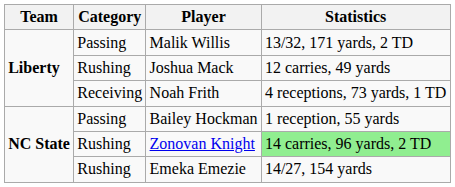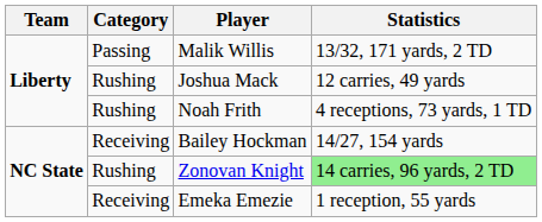 <table class="wikitable" style="float: left;">
 <tr>
 <th>Team</th>
 <th>Category</th>
 <th>Player</th>
 <th>Statistics</th>
 </tr>
 <tr>
 <td rowspan=3><strong>Liberty</strong></td>
 <td>Passing</td>
 <td>Malik Willis</td>
 <td>13/32, 171 yards, 2 TD</td>
 </tr>
 <tr>
 <td>Rushing</td>
 <td>Joshua Mack</td>
 <td>12 carries, 49 yards</td>
 </tr>
 <tr>
-<td>Receiving</td>
+<td>Rushing</td>
 <td>Noah Frith</td>
 <td>4 receptions, 73 yards, 1 TD</td>
 </tr>
 <tr>
 <td rowspan=3><strong>NC State</strong></td>
-<td>Passing</td>
+<td>Receiving</td>
 <td>Bailey Hockman</td>
-<td>1 reception, 55 yards</td>
+<td>14/27, 154 yards</td>
 </tr>
 <tr>
 <td>Rushing</td>
 <td><a href='#'>Zonovan Knight</a></td>
 <td style="background: lightgreen;">14 carries, 96 yards, 2 TD</td>
 </tr>
 <tr>
-<td>Rushing</td>
+<td>Receiving</td>
 <td>Emeka Emezie</td>
-<td>14/27, 154 yards</td>
+<td>1 reception, 55 yards</td>
 </tr>
 </table>
